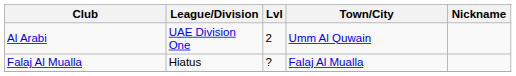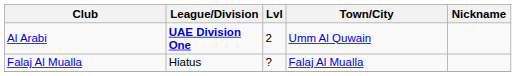 <table class="wikitable sortable" width=40% style="font-size:90%">
 <tr>
 <th width=30%>Club</th>
 <th width=10%>League/Division</th>
 <th width=3%>Lvl</th>
 <th width=30%>Town/City</th>
 <th width=10%>Nickname</th>
 </tr>
 <tr>
 <td><a href='#'>Al Arabi</a></td>
-<td><a href='#'>UAE Division One</a></td>
+<td><strong><a href='#'>UAE Division One</a></strong></td>
 <td>2</td>
 <td><a href='#'>Umm Al Quwain</a></td>
 <td></td>
 </tr>
 <tr>
 <td><a href='#'>Falaj Al Mualla</a></td>
 <td>Hiatus</td>
 <td>?</td>
 <td><a href='#'>Falaj Al Mualla</a></td>
 <td></td>
 </tr>
 <tr>
 </tr>
 </table>
